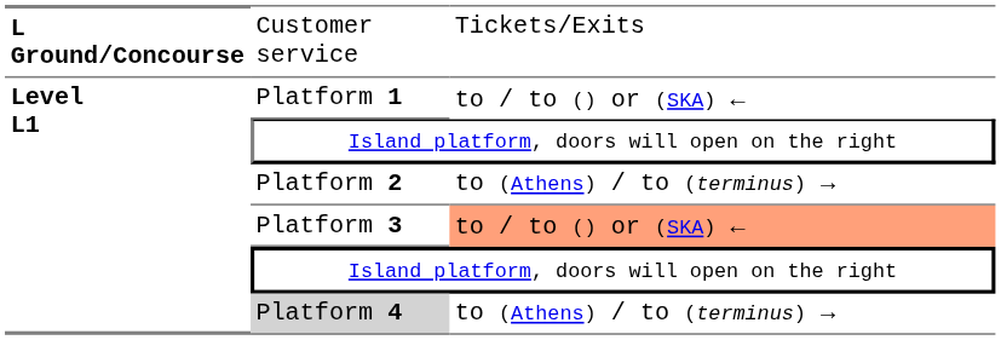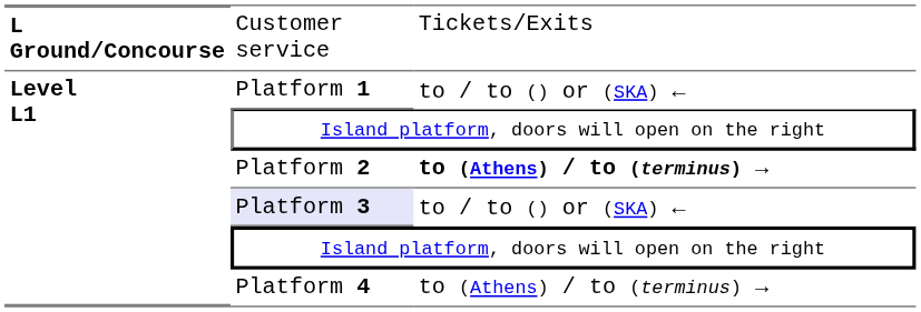 <table table border=0 cellspacing=0 cellpadding=3>
 <tr>
 <td style="border-bottom:solid 1px gray;border-top:solid 2px gray;" width=50 valign=top><strong>L<br>Ground/Concourse</strong></td>
 <td style="border-top:solid 1px gray;border-bottom:solid 1px gray;" width=100 valign=top>Customer service</td>
 <td style="border-top:solid 1px gray;border-bottom:solid 1px gray;" width=285 valign=top>Tickets/Exits</td>
 </tr>
 <tr>
 <td style="border-bottom:solid 2px gray;" rowspan=10 valign=top><strong>Level<br>L1</strong></td>
 </tr>
 <tr>
 <td style="border-bottom:solid 1px gray;">Platform <strong>1</strong></td>
 <td> to  /  to  <small>()</small> or  <small>(<a href='#'>SKA</a>)</small> ←</td>
 </tr>
 <tr>
 <td style="border-bottom:solid 2px black;border-top:solid 1px black;border-right:solid 2px black;border-left:solid 2px grey;text-align:center;" colspan=2><small><a href='#'>Island platform</a>, doors will open on the right</small></td>
 </tr>
 <tr>
 <td style="border-bottom:solid 1px gray;">Platform <strong>2</strong></td>
-<td style="border-bottom:solid 1px gray;">  to  <small>(<a href='#'>Athens</a>)</small> /  to  <small>(<em>terminus</em>)</small> →</td>
+<td style="border-bottom:solid 1px gray;"><strong>  to  <small>(<a href='#'>Athens</a>)</small> /  to  <small>(<em>terminus</em>)</small> →</strong></td>
 </tr>
 <tr>
-<td style="border-bottom:solid 1px gray;">Platform <strong>3</strong></td>
-<td style="background: lightsalmon;"> to  /  to  <small>()</small> or  <small>(<a href='#'>SKA</a>)</small> ←</td>
+<td style="background: lavender; border-bottom:solid 1px gray;">Platform <strong>3</strong></td>
+<td> to  /  to  <small>()</small> or  <small>(<a href='#'>SKA</a>)</small> ←</td>
 </tr>
 <tr>
 <td style="border-right:solid 2px black;border-left:solid 2px black;border-top:solid 2px black;border-bottom:solid 2px black;text-align:center;" colspan=2><small><a href='#'>Island platform</a>, doors will open on the right</small></td>
 </tr>
 <tr>
-<td style="background: lightgrey; border-bottom:solid 1px gray;">Platform <strong>4</strong></td>
+<td style="border-bottom:solid 1px gray;">Platform <strong>4</strong></td>
 <td style="border-bottom:solid 1px gray;">  to  <small>(<a href='#'>Athens</a>)</small> /  to  <small>(<em>terminus</em>)</small> →</td>
 </tr>
 </table>
